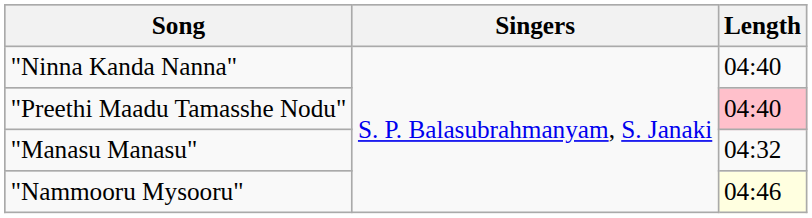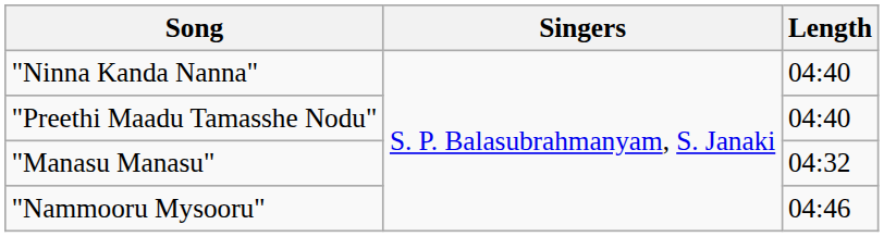 <table class="wikitable" style="font-size:95%;">
 <tr>
 <th>Song</th>
 <th>Singers</th>
 <th>Length</th>
 </tr>
 <tr>
 <td>"Ninna Kanda Nanna"</td>
 <td rowspan="4"><a href='#'>S. P. Balasubrahmanyam</a>, <a href='#'>S. Janaki</a></td>
 <td>04:40</td>
 </tr>
 <tr>
 <td>"Preethi Maadu Tamasshe Nodu"</td>
-<td style="background: pink;">04:40</td>
+<td>04:40</td>
 </tr>
 <tr>
 <td>"Manasu Manasu"</td>
 <td>04:32</td>
 </tr>
 <tr>
 <td>"Nammooru Mysooru"</td>
-<td style="background: lightyellow;">04:46</td>
+<td>04:46</td>
 </tr>
 </table>
